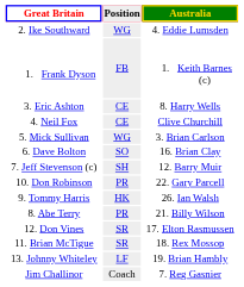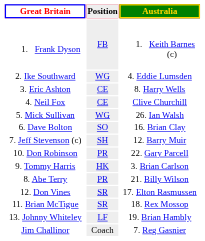 <table align=right style="font-size:90%; margin-left:1em">
 <tr bgcolor=#FF0033>
 <th align="centre" width="126" style="border: 2px solid blue; background: white; color: red">Great Britain</th>
 <th align="center" style="background: #eeeeee; color: black">Position</th>
 <th align="centre" width="126" style="border: 2px solid gold; background: green; color: gold">Australia</th>
 </tr>
 <tr>
+<td align="center"><br><ol><li><a href='#'>Frank Dyson</a></li></ol></td>
+<td align="center" style="background: #eeeeee"><a href='#'>FB</a></td>
+<td align="center"><br><ol><li><a href='#'>Keith Barnes</a> (c)</li></ol></td>
+</tr>
+<tr>
 <td align="center">2. <a href='#'>Ike Southward</a></td>
 <td align="center" style="background: #eeeeee"><a href='#'>WG</a></td>
 <td align="center">4. <a href='#'>Eddie Lumsden</a></td>
-</tr>
-<tr>
-<td align="center"><br><ol><li><a href='#'>Frank Dyson</a></li></ol></td>
-<td align="center" style="background: #eeeeee"><a href='#'>FB</a></td>
-<td align="center"><br><ol><li><a href='#'>Keith Barnes</a> (c)</li></ol></td>
 </tr>
 <tr>
 <td align="center">3. <a href='#'>Eric Ashton</a></td>
 <td align="center" style="background: #eeeeee"><a href='#'>CE</a></td>
 <td align="center">8. <a href='#'>Harry Wells</a></td>
 </tr>
 <tr>
 <td align="center">4. <a href='#'>Neil Fox</a></td>
 <td align="center" style="background: #eeeeee"><a href='#'>CE</a></td>
 <td align="center"><a href='#'>Clive Churchill</a></td>
 </tr>
 <tr>
 <td align="center">5. <a href='#'>Mick Sullivan</a></td>
 <td align="center" style="background: #eeeeee"><a href='#'>WG</a></td>
-<td align="center">3. <a href='#'>Brian Carlson</a></td>
+<td align="center">26. <a href='#'>Ian Walsh</a></td>
 </tr>
 <tr>
 <td align="center">6. <a href='#'>Dave Bolton</a></td>
 <td align="center" style="background: #eeeeee"><a href='#'>SO</a></td>
 <td align="center">16. <a href='#'>Brian Clay</a></td>
 </tr>
 <tr>
 <td align="center">7. <a href='#'>Jeff Stevenson</a> (c)</td>
 <td align="center" style="background: #eeeeee"><a href='#'>SH</a></td>
 <td align="center">12. <a href='#'>Barry Muir</a></td>
 </tr>
 <tr>
 <td align="center">10. <a href='#'>Don Robinson</a></td>
 <td align="center" style="background: #eeeeee"><a href='#'>PR</a></td>
 <td align="center">22. <a href='#'>Gary Parcell</a></td>
 </tr>
 <tr>
 <td align="center">9. <a href='#'>Tommy Harris</a></td>
 <td align="center" style="background: #eeeeee"><a href='#'>HK</a></td>
-<td align="center">26. <a href='#'>Ian Walsh</a></td>
+<td align="center">3. <a href='#'>Brian Carlson</a></td>
 </tr>
 <tr>
 <td align="center">8. <a href='#'>Abe Terry</a></td>
 <td align="center" style="background: #eeeeee"><a href='#'>PR</a></td>
 <td align="center">21. <a href='#'>Billy Wilson</a></td>
 </tr>
 <tr>
 <td align="center">12. <a href='#'>Don Vines</a></td>
 <td align="center" style="background: #eeeeee"><a href='#'>SR</a></td>
 <td align="center">17. <a href='#'>Elton Rasmussen</a></td>
 </tr>
 <tr>
 <td align="center">11. <a href='#'>Brian McTigue</a></td>
 <td align="center" style="background: #eeeeee"><a href='#'>SR</a></td>
 <td align="center">18. <a href='#'>Rex Mossop</a></td>
 </tr>
 <tr>
 <td align="center">13. <a href='#'>Johnny Whiteley</a></td>
 <td align="center" style="background: #eeeeee"><a href='#'>LF</a></td>
 <td align="center">19. <a href='#'>Brian Hambly</a></td>
 </tr>
 <tr>
 <td align="center"><a href='#'>Jim Challinor</a></td>
 <td align="center" style="background: #eeeeee">Coach</td>
 <td align="center">7. <a href='#'>Reg Gasnier</a></td>
 </tr>
 </table>
